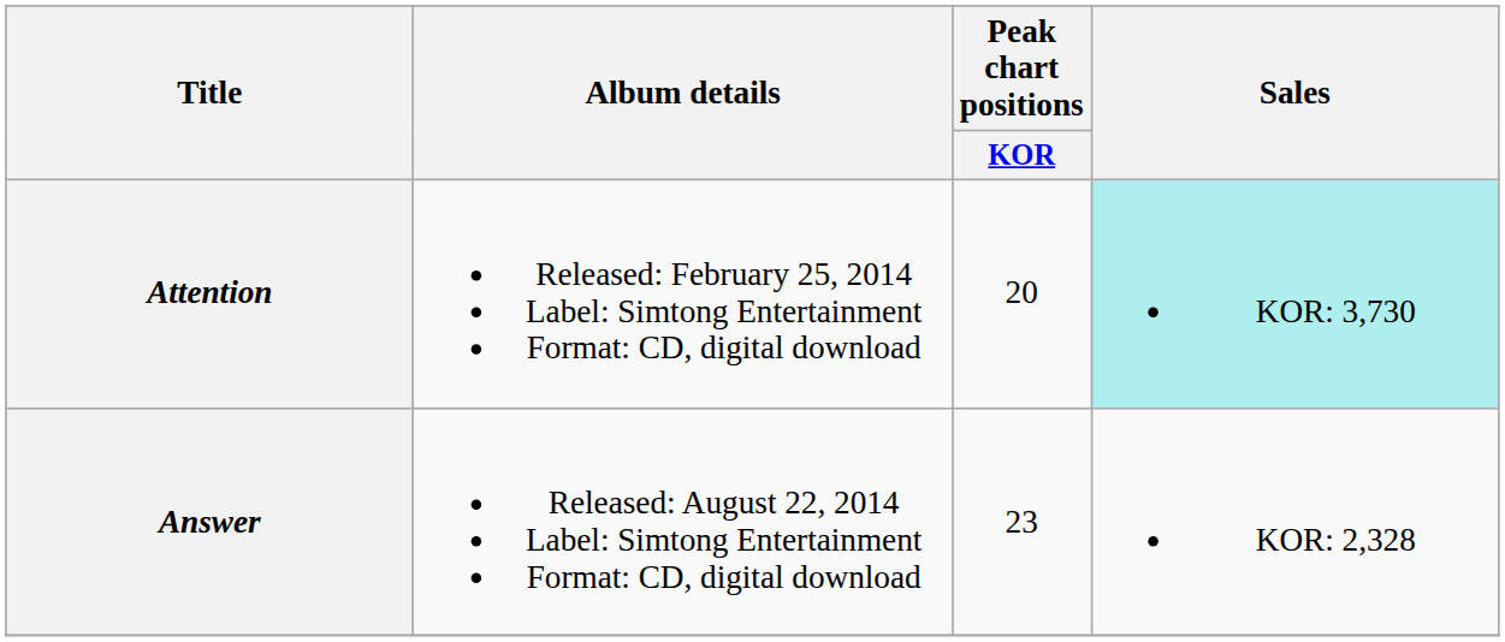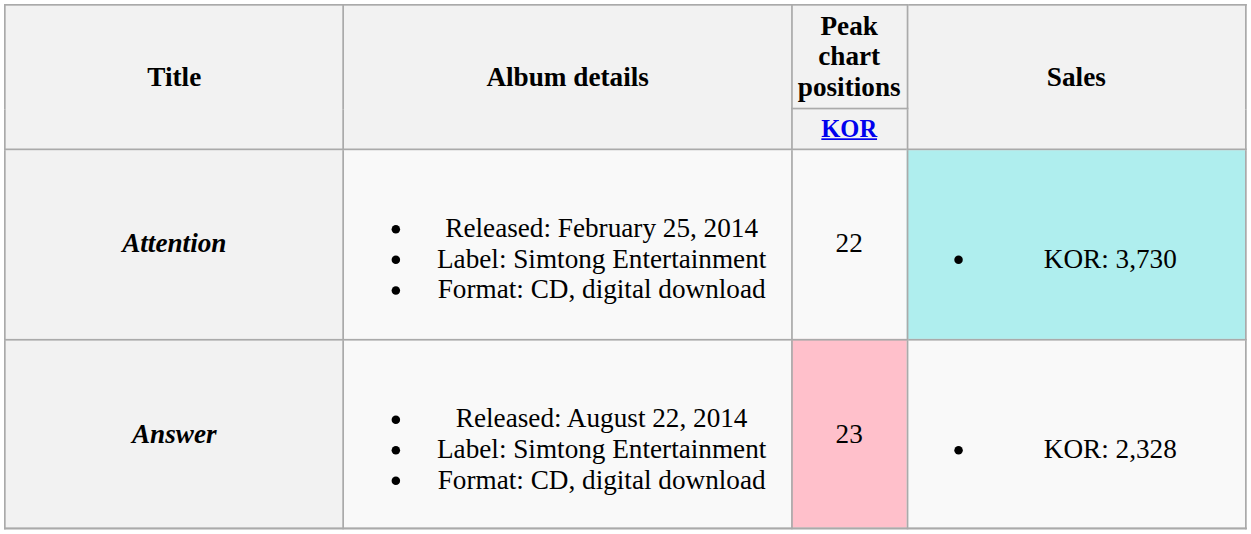 <table class="wikitable plainrowheaders" style="text-align:center;">
 <tr>
 <th rowspan="2" style="width:12em;">Title</th>
 <th rowspan="2" style="width:16em;">Album details</th>
 <th>Peak chart positions</th>
 <th rowspan="2" style="width:12em;">Sales</th>
 </tr>
 <tr>
 <th scope="col" style="width:2.5em;font-size:90%;"><a href='#'>KOR</a><br></th>
 </tr>
 <tr>
 <th scope="row"><em>Attention</em></th>
 <td><br><ul><li>Released: February 25, 2014</li><li>Label: Simtong Entertainment</li><li>Format: CD, digital download</li></ul></td>
-<td>20</td>
+<td>22</td>
 <td style="background: paleturquoise;"><br><ul><li>KOR: 3,730</li></ul></td>
 </tr>
 <tr>
 <th scope="row"><em>Answer</em></th>
 <td><br><ul><li>Released: August 22, 2014</li><li>Label: Simtong Entertainment</li><li>Format: CD, digital download</li></ul></td>
-<td>23</td>
+<td style="background: pink;">23</td>
 <td><br><ul><li>KOR: 2,328</li></ul></td>
 </tr>
 <tr>
 </tr>
 </table>
